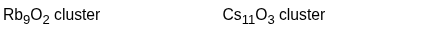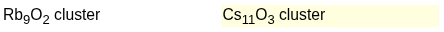 <table width="450">
 <tr>
 <td width="50%"></td>
 <td></td>
 </tr>
 <tr>
 <td>Rb<sub>9</sub>O<sub>2</sub> cluster</td>
-<td>Cs<sub>11</sub>O<sub>3</sub> cluster</td>
+<td style="background: lightyellow;">Cs<sub>11</sub>O<sub>3</sub> cluster</td>
 </tr>
 </table>
